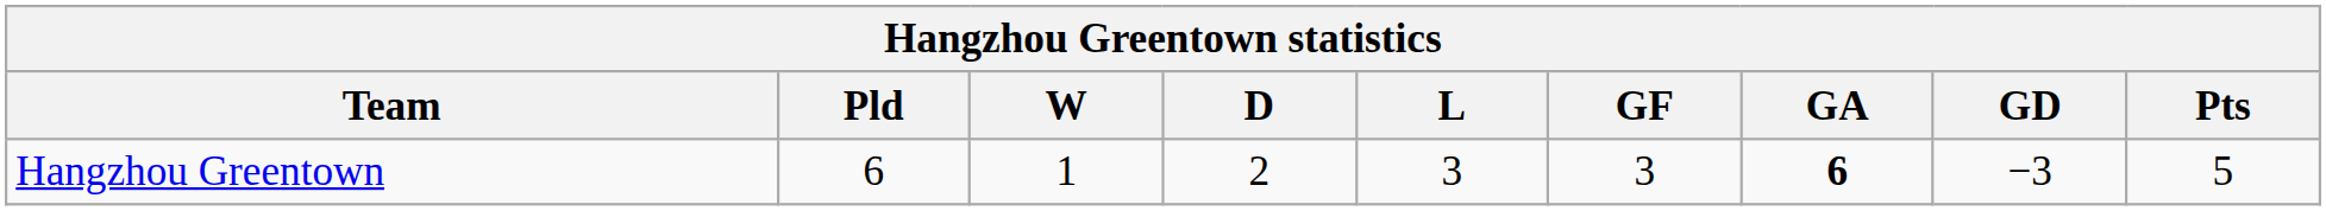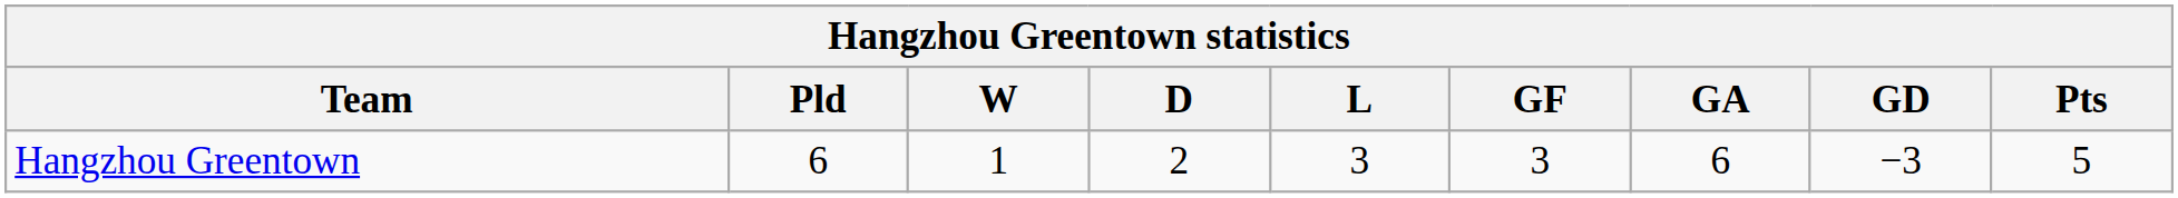 <table width=70% class="wikitable" style="text-align:">
 <tr>
 <th colspan=9>Hangzhou Greentown statistics</th>
 </tr>
 <tr>
 <th width=20%>Team</th>
 <th width=5%>Pld</th>
 <th width=5%>W</th>
 <th width=5%>D</th>
 <th width=5%>L</th>
 <th width=5%>GF</th>
 <th width=5%>GA</th>
 <th width=5%>GD</th>
 <th width=5%>Pts</th>
 </tr>
 <tr align=center>
 <td align=left> <a href='#'>Hangzhou Greentown</a></td>
 <td>6</td>
 <td>1</td>
 <td>2</td>
 <td>3</td>
 <td>3</td>
-<td><strong>6</strong></td>
+<td>6</td>
 <td>−3</td>
 <td>5</td>
 </tr>
 </table>
